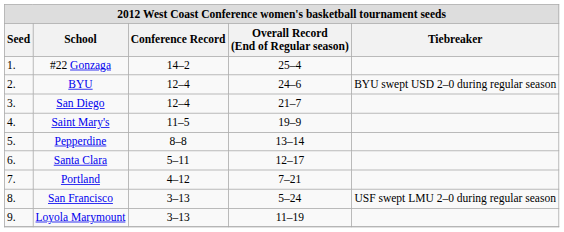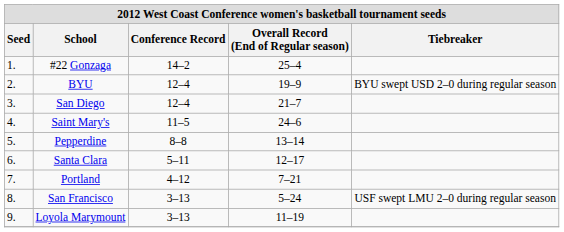 <table class="wikitable" style="text-align: center; white-space: nowrap; font-size:90%;">
 <tr>
 <td colspan="7" style="background:#DDDDDD; font:#000000"><strong>2012 West Coast Conference women's basketball tournament seeds</strong></td>
 </tr>
 <tr bgcolor="#efefef">
 <th>Seed</th>
 <th>School</th>
 <th>Conference Record</th>
 <th>Overall Record <br>(End of Regular season)</th>
 <th>Tiebreaker</th>
 </tr>
 <tr>
 <td style="text-align: left;">1.</td>
 <td>#22 <a href='#'>Gonzaga</a></td>
 <td>14–2</td>
 <td>25–4</td>
 <td></td>
 </tr>
 <tr>
 <td style="text-align: left;">2.</td>
 <td><a href='#'>BYU</a></td>
 <td>12–4</td>
-<td>24–6</td>
+<td>19–9</td>
 <td>BYU swept USD 2–0 during regular season</td>
 </tr>
 <tr>
 <td style="text-align: left;">3.</td>
 <td><a href='#'>San Diego</a></td>
 <td>12–4</td>
 <td>21–7</td>
 <td></td>
 </tr>
 <tr>
 <td style="text-align: left;">4.</td>
 <td><a href='#'>Saint Mary's</a></td>
 <td>11–5</td>
-<td>19–9</td>
+<td>24–6</td>
 <td></td>
 </tr>
 <tr>
 <td style="text-align: left;">5.</td>
 <td><a href='#'>Pepperdine</a></td>
 <td>8–8</td>
 <td>13–14</td>
 <td></td>
 </tr>
 <tr>
 <td style="text-align: left;">6.</td>
 <td><a href='#'>Santa Clara</a></td>
 <td>5–11</td>
 <td>12–17</td>
 <td></td>
 </tr>
 <tr>
 <td style="text-align: left;">7.</td>
 <td><a href='#'>Portland</a></td>
 <td>4–12</td>
 <td>7–21</td>
 <td></td>
 </tr>
 <tr>
 <td style="text-align: left;">8.</td>
 <td><a href='#'>San Francisco</a></td>
 <td>3–13</td>
 <td>5–24</td>
 <td>USF swept LMU 2–0 during regular season</td>
 </tr>
 <tr>
 <td style="text-align: left;">9.</td>
 <td><a href='#'>Loyola Marymount</a></td>
 <td>3–13</td>
 <td>11–19</td>
 <td></td>
 </tr>
 <tr>
 </tr>
 </table>
